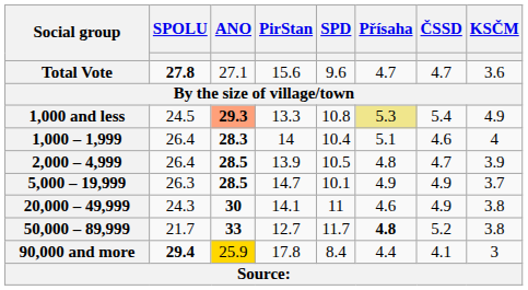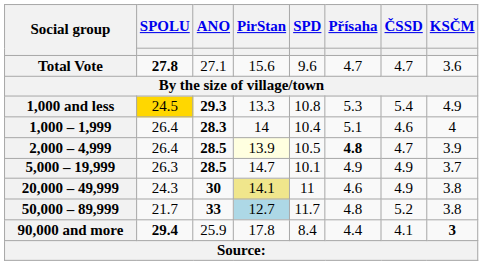 <table class="wikitable sortable" style="text-align:center; font-size:90%; line-height:13px;">
 <tr style="height:42px;">
 <th style="width:120px;" rowspan="2">Social group</th>
 <th><a href='#'><span>SPOLU</span></a></th>
 <th><a href='#'><span>ANO</span></a></th>
 <th><a href='#'><span>PirStan</span></a></th>
 <th><a href='#'><span>SPD</span></a></th>
 <th><a href='#'><span>Přísaha</span></a></th>
 <th><a href='#'><span>ČSSD</span></a></th>
 <th><a href='#'><span>KSČM</span></a></th>
 </tr>
 <tr class="sorttop">
 <th class="unsortable" style="color:inherit;background:"></th>
 <th class="unsortable" style="color:inherit;background:"></th>
 <th class="unsortable" style="color:inherit;background:"></th>
 <th class="unsortable" style="color:inherit;background:"></th>
 <th class="unsortable" style="color:inherit;background:"></th>
 <th class="unsortable" style="color:inherit;background:"></th>
 <th class="unsortable" style="color:inherit;background:"></th>
 </tr>
 <tr>
 <th>Total Vote</th>
 <td><strong>27.8</strong></td>
 <td>27.1</td>
 <td>15.6</td>
 <td>9.6</td>
 <td>4.7</td>
 <td>4.7</td>
 <td>3.6</td>
 </tr>
 <tr>
 <th colspan=8>By the size of village/town</th>
 </tr>
 <tr>
 <th>1,000 and less</th>
-<td>24.5</td>
-<td style="background: lightsalmon;"><strong>29.3</strong></td>
+<td style="background: gold;">24.5</td>
+<td><strong>29.3</strong></td>
 <td>13.3</td>
 <td>10.8</td>
-<td style="background: khaki;">5.3</td>
+<td>5.3</td>
 <td>5.4</td>
 <td>4.9</td>
 </tr>
 <tr>
 <th>1,000 – 1,999</th>
 <td>26.4</td>
 <td><strong>28.3</strong></td>
 <td>14</td>
 <td>10.4</td>
 <td>5.1</td>
 <td>4.6</td>
 <td>4</td>
 </tr>
 <tr>
 <th>2,000 – 4,999</th>
 <td>26.4</td>
 <td><strong>28.5</strong></td>
-<td>13.9</td>
+<td style="background: lightyellow;">13.9</td>
 <td>10.5</td>
-<td>4.8</td>
+<td><strong>4.8</strong></td>
 <td>4.7</td>
 <td>3.9</td>
 </tr>
 <tr>
 <th>5,000 – 19,999</th>
 <td>26.3</td>
 <td><strong>28.5</strong></td>
 <td>14.7</td>
 <td>10.1</td>
 <td>4.9</td>
 <td>4.9</td>
 <td>3.7</td>
 </tr>
 <tr>
 <th>20,000 – 49,999</th>
 <td>24.3</td>
 <td><strong>30</strong></td>
-<td>14.1</td>
+<td style="background: khaki;">14.1</td>
 <td>11</td>
 <td>4.6</td>
 <td>4.9</td>
 <td>3.8</td>
 </tr>
 <tr>
 <th>50,000 – 89,999</th>
 <td>21.7</td>
 <td><strong>33</strong></td>
-<td>12.7</td>
+<td style="background: lightblue;">12.7</td>
 <td>11.7</td>
-<td><strong>4.8</strong></td>
+<td>4.8</td>
 <td>5.2</td>
 <td>3.8</td>
 </tr>
 <tr>
 <th>90,000 and more</th>
 <td><strong>29.4</strong></td>
-<td style="background: gold;">25.9</td>
+<td>25.9</td>
 <td>17.8</td>
 <td>8.4</td>
 <td>4.4</td>
 <td>4.1</td>
-<td>3</td>
+<td><strong>3</strong></td>
 </tr>
 <tr>
 <th colspan=8>Source:</th>
 </tr>
 </table>
